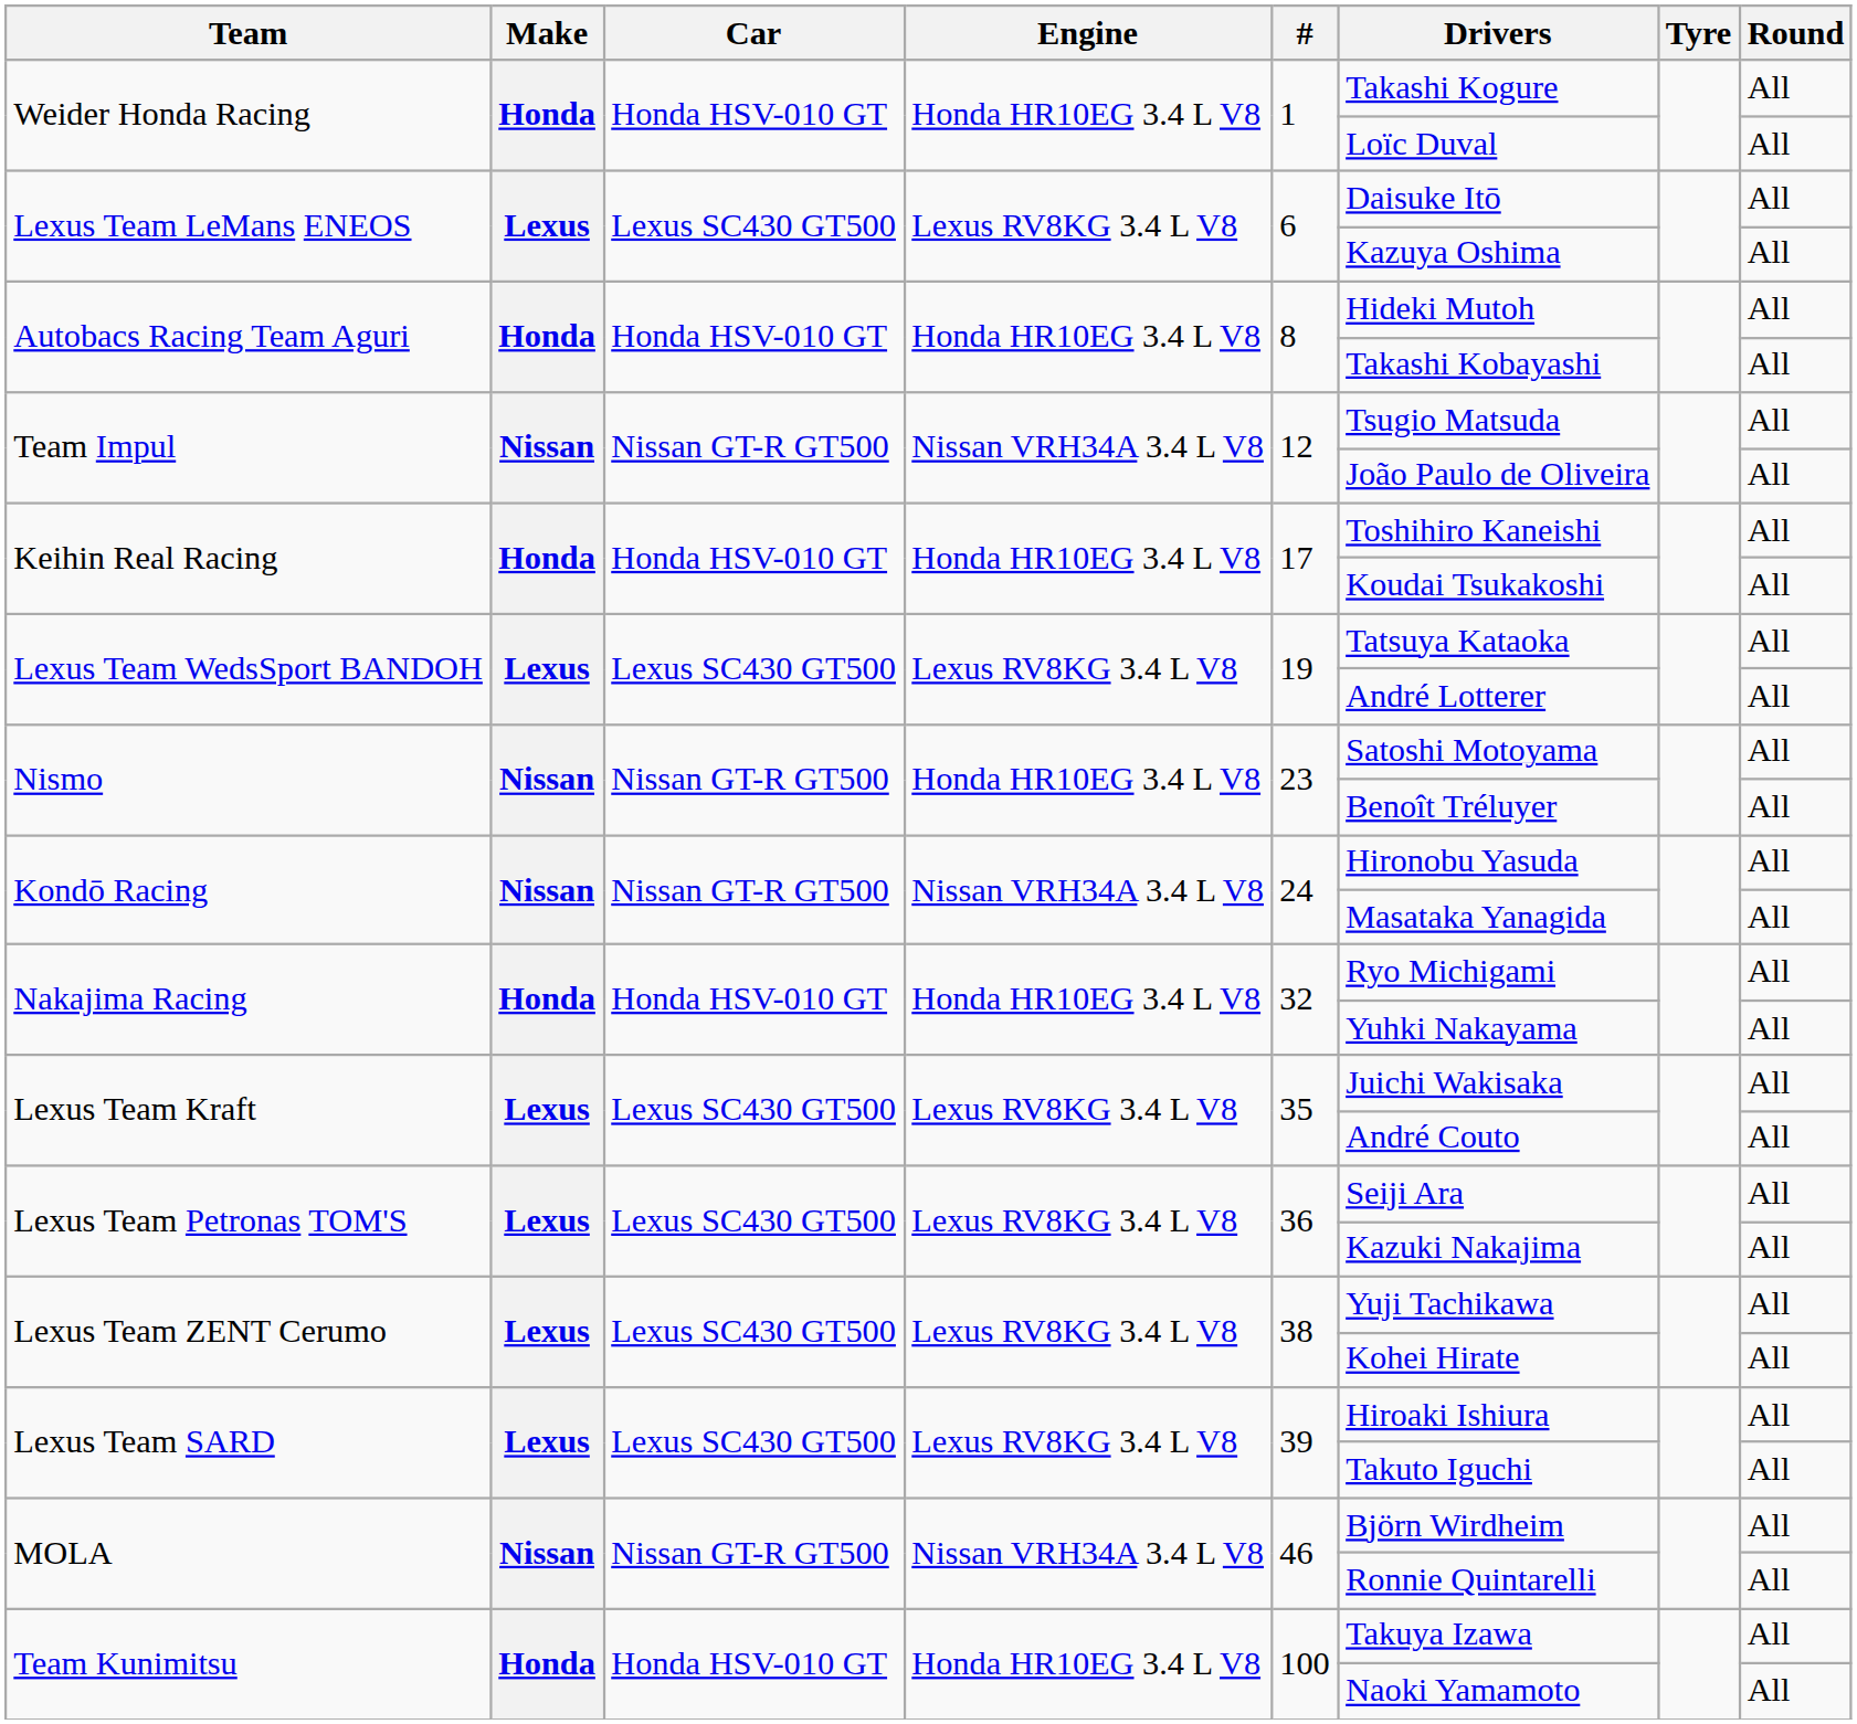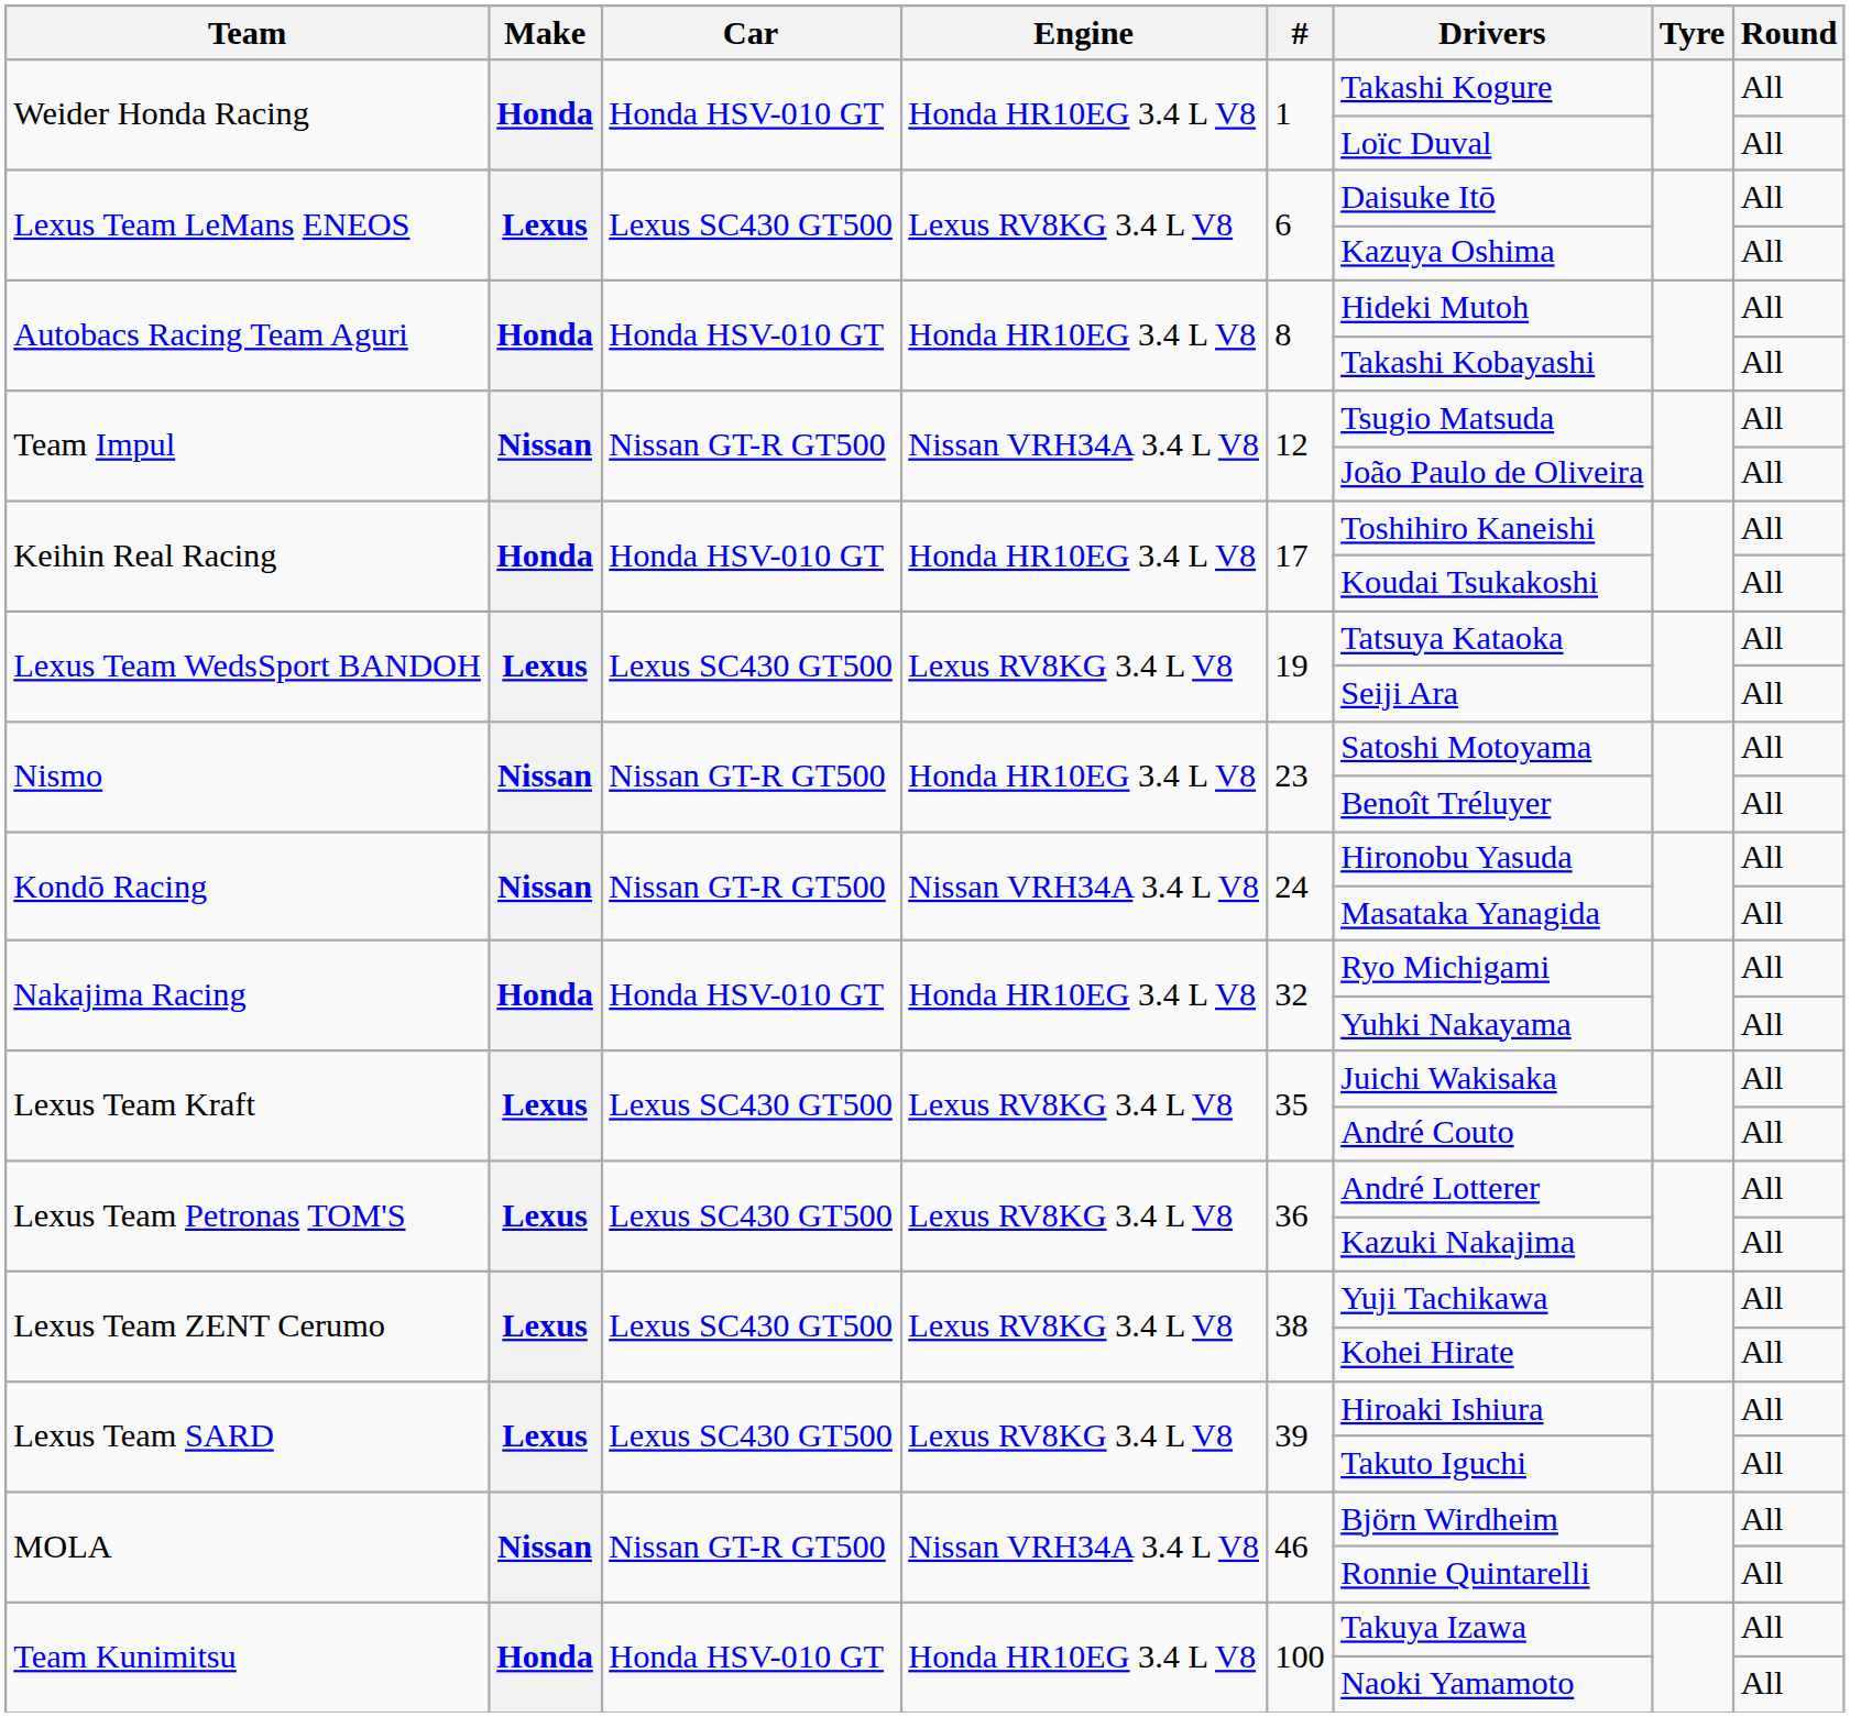 <table class="wikitable" style="font-size: 85%;">
 <tr>
 <th>Team</th>
 <th>Make</th>
 <th>Car</th>
 <th>Engine</th>
 <th>#</th>
 <th>Drivers</th>
 <th>Tyre</th>
 <th>Round</th>
 </tr>
 <tr>
 <td rowspan=2> Weider Honda Racing</td>
 <th rowspan=2><a href='#'>Honda</a></th>
 <td rowspan=2><a href='#'>Honda HSV-010 GT</a></td>
 <td rowspan=2><a href='#'>Honda HR10EG</a> 3.4 L <a href='#'>V8</a></td>
 <td rowspan=2>1</td>
 <td> <a href='#'>Takashi Kogure</a></td>
 <td align=center rowspan=2></td>
 <td>All</td>
 </tr>
 <tr>
 <td> <a href='#'>Loïc Duval</a></td>
 <td>All</td>
 </tr>
 <tr>
 <td rowspan=2> <a href='#'>Lexus Team LeMans</a> <a href='#'>ENEOS</a></td>
 <th rowspan=2><a href='#'>Lexus</a></th>
 <td rowspan=2><a href='#'>Lexus SC430 GT500</a></td>
 <td rowspan=2><a href='#'>Lexus RV8KG</a> 3.4 L <a href='#'>V8</a></td>
 <td rowspan=2>6</td>
 <td> <a href='#'>Daisuke Itō</a></td>
 <td align=center rowspan=2></td>
 <td>All</td>
 </tr>
 <tr>
 <td> <a href='#'>Kazuya Oshima</a></td>
 <td>All</td>
 </tr>
 <tr>
 <td rowspan=2> <a href='#'>Autobacs Racing Team Aguri</a></td>
 <th rowspan=2><a href='#'>Honda</a></th>
 <td rowspan=2><a href='#'>Honda HSV-010 GT</a></td>
 <td rowspan=2><a href='#'>Honda HR10EG</a> 3.4 L <a href='#'>V8</a></td>
 <td rowspan=2>8</td>
 <td> <a href='#'>Hideki Mutoh</a></td>
 <td align=center rowspan=2></td>
 <td>All</td>
 </tr>
 <tr>
 <td> <a href='#'>Takashi Kobayashi</a></td>
 <td>All</td>
 </tr>
 <tr>
 <td rowspan=2> Team <a href='#'>Impul</a></td>
 <th rowspan=2><a href='#'>Nissan</a></th>
 <td rowspan=2><a href='#'>Nissan GT-R GT500</a></td>
 <td rowspan=2><a href='#'>Nissan VRH34A</a> 3.4 L <a href='#'>V8</a></td>
 <td rowspan=2>12</td>
 <td> <a href='#'>Tsugio Matsuda</a></td>
 <td align=center rowspan=2></td>
 <td>All</td>
 </tr>
 <tr>
 <td> <a href='#'>João Paulo de Oliveira</a></td>
 <td>All</td>
 </tr>
 <tr>
 <td rowspan=2> Keihin Real Racing</td>
 <th rowspan=2><a href='#'>Honda</a></th>
 <td rowspan=2><a href='#'>Honda HSV-010 GT</a></td>
 <td rowspan=2><a href='#'>Honda HR10EG</a> 3.4 L <a href='#'>V8</a></td>
 <td rowspan=2>17</td>
 <td> <a href='#'>Toshihiro Kaneishi</a></td>
 <td align=center rowspan=2></td>
 <td>All</td>
 </tr>
 <tr>
 <td> <a href='#'>Koudai Tsukakoshi</a></td>
 <td>All</td>
 </tr>
 <tr>
 <td rowspan=2> <a href='#'>Lexus Team WedsSport BANDOH</a></td>
 <th rowspan=2><a href='#'>Lexus</a></th>
 <td rowspan=2><a href='#'>Lexus SC430 GT500</a></td>
 <td rowspan=2><a href='#'>Lexus RV8KG</a> 3.4 L <a href='#'>V8</a></td>
 <td rowspan=2>19</td>
 <td> <a href='#'>Tatsuya Kataoka</a></td>
 <td align=center rowspan=2></td>
 <td>All</td>
 </tr>
 <tr>
-<td> <a href='#'>André Lotterer</a></td>
+<td> <a href='#'>Seiji Ara</a></td>
 <td>All</td>
 </tr>
 <tr>
 <td rowspan=2> <a href='#'>Nismo</a></td>
 <th rowspan=2><a href='#'>Nissan</a></th>
 <td rowspan=2><a href='#'>Nissan GT-R GT500</a></td>
 <td rowspan=2><a href='#'>Honda HR10EG</a> 3.4 L <a href='#'>V8</a></td>
 <td rowspan=2>23</td>
 <td> <a href='#'>Satoshi Motoyama</a></td>
 <td align=center rowspan=2></td>
 <td>All</td>
 </tr>
 <tr>
 <td> <a href='#'>Benoît Tréluyer</a></td>
 <td>All</td>
 </tr>
 <tr>
 <td rowspan=2> <a href='#'>Kondō Racing</a></td>
 <th rowspan=2><a href='#'>Nissan</a></th>
 <td rowspan=2><a href='#'>Nissan GT-R GT500</a></td>
 <td rowspan=2><a href='#'>Nissan VRH34A</a> 3.4 L <a href='#'>V8</a></td>
 <td rowspan=2>24</td>
 <td> <a href='#'>Hironobu Yasuda</a></td>
 <td align=center rowspan=2></td>
 <td>All</td>
 </tr>
 <tr>
 <td> <a href='#'>Masataka Yanagida</a></td>
 <td>All</td>
 </tr>
 <tr>
 <td rowspan=2> <a href='#'>Nakajima Racing</a></td>
 <th rowspan=2><a href='#'>Honda</a></th>
 <td rowspan=2><a href='#'>Honda HSV-010 GT</a></td>
 <td rowspan=2><a href='#'>Honda HR10EG</a> 3.4 L <a href='#'>V8</a></td>
 <td rowspan=2>32</td>
 <td> <a href='#'>Ryo Michigami</a></td>
 <td align=center rowspan=2></td>
 <td>All</td>
 </tr>
 <tr>
 <td> <a href='#'>Yuhki Nakayama</a></td>
 <td>All</td>
 </tr>
 <tr>
 <td rowspan=2> Lexus Team Kraft</td>
 <th rowspan=2><a href='#'>Lexus</a></th>
 <td rowspan=2><a href='#'>Lexus SC430 GT500</a></td>
 <td rowspan=2><a href='#'>Lexus RV8KG</a> 3.4 L <a href='#'>V8</a></td>
 <td rowspan=2>35</td>
 <td> <a href='#'>Juichi Wakisaka</a></td>
 <td align=center rowspan=2></td>
 <td>All</td>
 </tr>
 <tr>
 <td> <a href='#'>André Couto</a></td>
 <td>All</td>
 </tr>
 <tr>
 <td rowspan=2> Lexus Team <a href='#'>Petronas</a> <a href='#'>TOM'S</a></td>
 <th rowspan=2><a href='#'>Lexus</a></th>
 <td rowspan=2><a href='#'>Lexus SC430 GT500</a></td>
 <td rowspan=2><a href='#'>Lexus RV8KG</a> 3.4 L <a href='#'>V8</a></td>
 <td rowspan=2>36</td>
-<td> <a href='#'>Seiji Ara</a></td>
+<td> <a href='#'>André Lotterer</a></td>
 <td align=center rowspan=2></td>
 <td>All</td>
 </tr>
 <tr>
 <td> <a href='#'>Kazuki Nakajima</a></td>
 <td>All</td>
 </tr>
 <tr>
 <td rowspan=2> Lexus Team ZENT Cerumo</td>
 <th rowspan=2><a href='#'>Lexus</a></th>
 <td rowspan=2><a href='#'>Lexus SC430 GT500</a></td>
 <td rowspan=2><a href='#'>Lexus RV8KG</a> 3.4 L <a href='#'>V8</a></td>
 <td rowspan=2>38</td>
 <td> <a href='#'>Yuji Tachikawa</a></td>
 <td align=center rowspan=2></td>
 <td>All</td>
 </tr>
 <tr>
 <td> <a href='#'>Kohei Hirate</a></td>
 <td>All</td>
 </tr>
 <tr>
 <td rowspan=2> Lexus Team <a href='#'>SARD</a></td>
 <th rowspan=2><a href='#'>Lexus</a></th>
 <td rowspan=2><a href='#'>Lexus SC430 GT500</a></td>
 <td rowspan=2><a href='#'>Lexus RV8KG</a> 3.4 L <a href='#'>V8</a></td>
 <td rowspan=2>39</td>
 <td> <a href='#'>Hiroaki Ishiura</a></td>
 <td align=center rowspan=2></td>
 <td>All</td>
 </tr>
 <tr>
 <td> <a href='#'>Takuto Iguchi</a></td>
 <td>All</td>
 </tr>
 <tr>
 <td rowspan=2> MOLA</td>
 <th rowspan=2><a href='#'>Nissan</a></th>
 <td rowspan=2><a href='#'>Nissan GT-R GT500</a></td>
 <td rowspan=2><a href='#'>Nissan VRH34A</a> 3.4 L <a href='#'>V8</a></td>
 <td rowspan=2>46</td>
 <td> <a href='#'>Björn Wirdheim</a></td>
 <td align=center rowspan=2></td>
 <td>All</td>
 </tr>
 <tr>
 <td> <a href='#'>Ronnie Quintarelli</a></td>
 <td>All</td>
 </tr>
 <tr>
 <td rowspan=2> <a href='#'>Team Kunimitsu</a></td>
 <th rowspan=2><a href='#'>Honda</a></th>
 <td rowspan=2><a href='#'>Honda HSV-010 GT</a></td>
 <td rowspan=2><a href='#'>Honda HR10EG</a> 3.4 L <a href='#'>V8</a></td>
 <td rowspan=2>100</td>
 <td> <a href='#'>Takuya Izawa</a></td>
 <td align=center rowspan=2></td>
 <td>All</td>
 </tr>
 <tr>
 <td> <a href='#'>Naoki Yamamoto</a></td>
 <td>All</td>
 </tr>
 </table>
